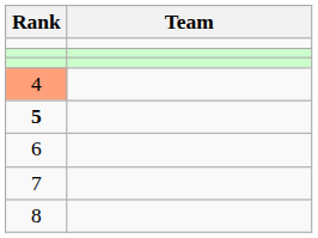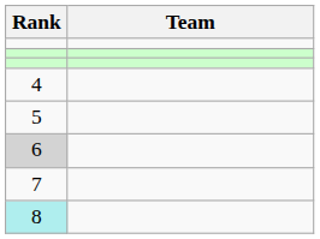 <table class="wikitable" style="text-align: center;">
 <tr>
 <th width=40>Rank</th>
 <th width=180>Team</th>
 </tr>
 <tr>
 <td></td>
 <td align="left"></td>
 </tr>
 <tr bgcolor=#CCFFCC>
 <td></td>
 <td align="left"></td>
 </tr>
 <tr bgcolor=#CCFFCC>
 <td></td>
 <td align="left"></td>
 </tr>
 <tr>
-<td style="background: lightsalmon;">4</td>
+<td>4</td>
 <td align="left"></td>
 </tr>
 <tr>
-<td><strong>5</strong></td>
+<td>5</td>
 <td align="left"></td>
 </tr>
 <tr>
-<td>6</td>
+<td style="background: lightgrey;">6</td>
 <td align="left"></td>
 </tr>
 <tr>
 <td>7</td>
 <td align="left"></td>
 </tr>
 <tr>
-<td>8</td>
+<td style="background: paleturquoise;">8</td>
 <td align="left"></td>
 </tr>
 </table>
